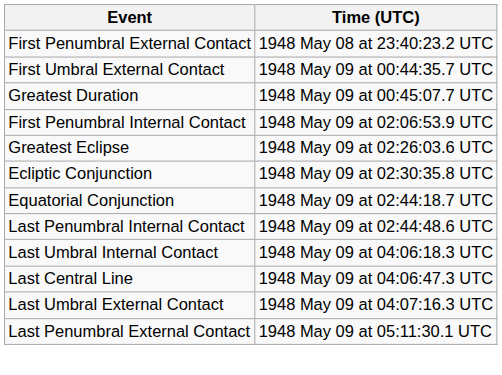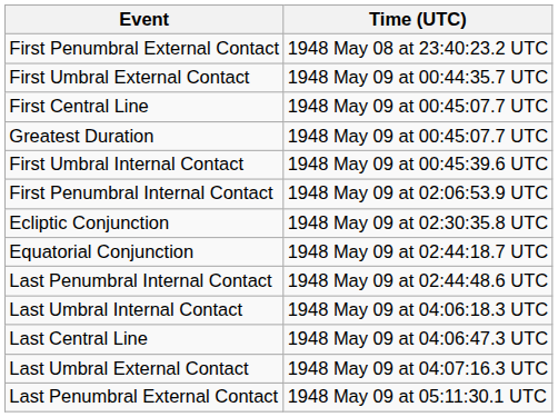 <table class="wikitable">
 <tr>
 <th>Event</th>
 <th>Time (UTC)</th>
 </tr>
 <tr>
 <td>First Penumbral External Contact</td>
 <td>1948 May 08 at 23:40:23.2 UTC</td>
 </tr>
 <tr>
 <td>First Umbral External Contact</td>
 <td>1948 May 09 at 00:44:35.7 UTC</td>
 </tr>
 <tr>
+<td>First Central Line</td>
+<td>1948 May 09 at 00:45:07.7 UTC</td>
+</tr>
+<tr>
 <td>Greatest Duration</td>
 <td>1948 May 09 at 00:45:07.7 UTC</td>
 </tr>
 <tr>
+<td>First Umbral Internal Contact</td>
+<td>1948 May 09 at 00:45:39.6 UTC</td>
+</tr>
+<tr>
 <td>First Penumbral Internal Contact</td>
 <td>1948 May 09 at 02:06:53.9 UTC</td>
-</tr>
-<tr>
-<td>Greatest Eclipse</td>
-<td>1948 May 09 at 02:26:03.6 UTC</td>
 </tr>
 <tr>
 <td>Ecliptic Conjunction</td>
 <td>1948 May 09 at 02:30:35.8 UTC</td>
 </tr>
 <tr>
 <td>Equatorial Conjunction</td>
 <td>1948 May 09 at 02:44:18.7 UTC</td>
 </tr>
 <tr>
 <td>Last Penumbral Internal Contact</td>
 <td>1948 May 09 at 02:44:48.6 UTC</td>
 </tr>
 <tr>
 <td>Last Umbral Internal Contact</td>
 <td>1948 May 09 at 04:06:18.3 UTC</td>
 </tr>
 <tr>
 <td>Last Central Line</td>
 <td>1948 May 09 at 04:06:47.3 UTC</td>
 </tr>
 <tr>
 <td>Last Umbral External Contact</td>
 <td>1948 May 09 at 04:07:16.3 UTC</td>
 </tr>
 <tr>
 <td>Last Penumbral External Contact</td>
 <td>1948 May 09 at 05:11:30.1 UTC</td>
 </tr>
 </table>
